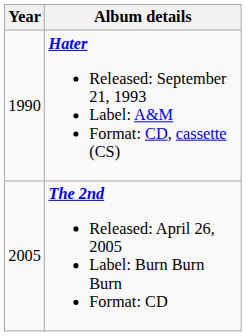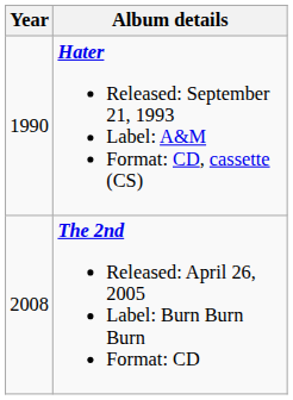 <table class ="wikitable">
 <tr>
 <th>Year</th>
 <th width="185">Album details</th>
 </tr>
 <tr>
 <td>1990</td>
 <td><strong><em><a href='#'>Hater</a></em></strong><br><ul><li>Released: September 21, 1993</li><li>Label: <a href='#'>A&M</a></li><li>Format: <a href='#'>CD</a>, <a href='#'>cassette</a> (CS)</li></ul></td>
 </tr>
 <tr>
-<td>2005</td>
+<td>2008</td>
 <td><strong><em><a href='#'>The 2nd</a></em></strong><br><ul><li>Released: April 26, 2005</li><li>Label: Burn Burn Burn</li><li>Format: CD</li></ul></td>
 </tr>
 </table>
